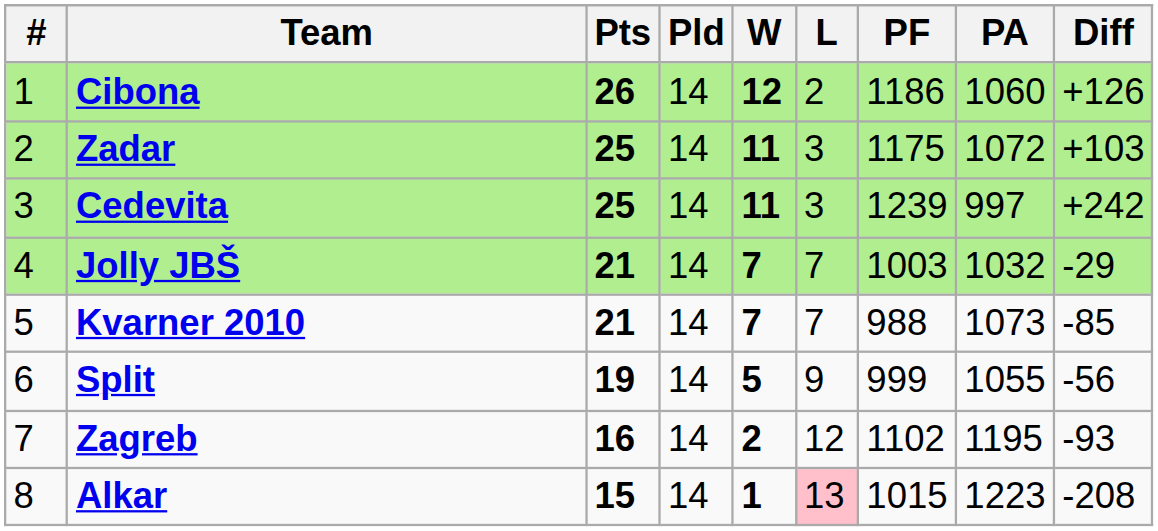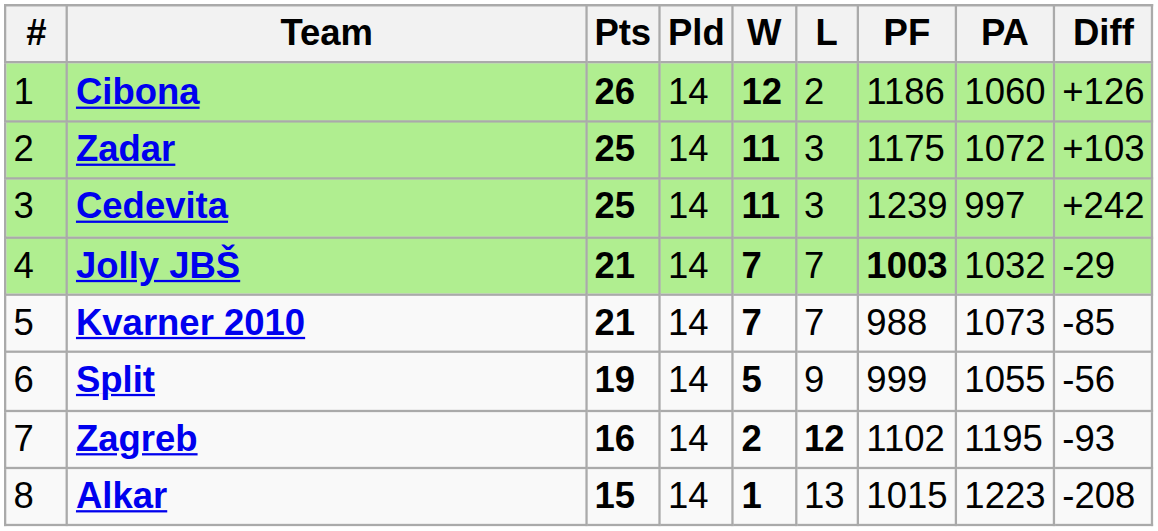 <table class=wikitable>
 <tr align=center>
 </tr>
 <tr>
 <th width=20>#</th>
 <th width=220>Team</th>
 <th width=20>Pts</th>
 <th width=20>Pld</th>
 <th width=20>W</th>
 <th width=20>L</th>
 <th width=20>PF</th>
 <th width=20>PA</th>
 <th width=20>Diff</th>
 </tr>
 <tr bgcolor=B0EE90>
 <td>1</td>
 <td align="left"><strong><a href='#'>Cibona</a></strong></td>
 <td><strong>26</strong></td>
 <td>14</td>
 <td><strong>12</strong></td>
 <td>2</td>
 <td>1186</td>
 <td>1060</td>
 <td>+126</td>
 </tr>
 <tr bgcolor=B0EE90>
 <td>2</td>
 <td align="left"><strong><a href='#'>Zadar</a></strong></td>
 <td><strong>25</strong></td>
 <td>14</td>
 <td><strong>11</strong></td>
 <td>3</td>
 <td>1175</td>
 <td>1072</td>
 <td>+103</td>
 </tr>
 <tr bgcolor=B0EE90>
 <td>3</td>
 <td align="left"><strong><a href='#'>Cedevita</a></strong></td>
 <td><strong>25</strong></td>
 <td>14</td>
 <td><strong>11</strong></td>
 <td>3</td>
 <td>1239</td>
 <td>997</td>
 <td>+242</td>
 </tr>
 <tr bgcolor=B0EE90>
 <td>4</td>
 <td align="left"><strong><a href='#'>Jolly JBŠ</a></strong></td>
 <td><strong>21</strong></td>
 <td>14</td>
 <td><strong>7</strong></td>
 <td>7</td>
-<td>1003</td>
+<td><strong>1003</strong></td>
 <td>1032</td>
 <td>-29</td>
 </tr>
 <tr>
 <td>5</td>
 <td align="left"><strong><a href='#'>Kvarner 2010</a></strong></td>
 <td><strong>21</strong></td>
 <td>14</td>
 <td><strong>7</strong></td>
 <td>7</td>
 <td>988</td>
 <td>1073</td>
 <td>-85</td>
 </tr>
 <tr>
 <td>6</td>
 <td align="left"><strong><a href='#'>Split</a></strong></td>
 <td><strong>19</strong></td>
 <td>14</td>
 <td><strong>5</strong></td>
 <td>9</td>
 <td>999</td>
 <td>1055</td>
 <td>-56</td>
 </tr>
 <tr>
 <td>7</td>
 <td align="left"><strong><a href='#'>Zagreb</a></strong></td>
 <td><strong>16</strong></td>
 <td>14</td>
 <td><strong>2</strong></td>
-<td>12</td>
+<td><strong>12</strong></td>
 <td>1102</td>
 <td>1195</td>
 <td>-93</td>
 </tr>
 <tr>
 <td>8</td>
 <td align="left"><strong><a href='#'>Alkar</a></strong></td>
 <td><strong>15</strong></td>
 <td>14</td>
 <td><strong>1</strong></td>
-<td style="background: pink;">13</td>
+<td>13</td>
 <td>1015</td>
 <td>1223</td>
 <td>-208</td>
 </tr>
 </table>
